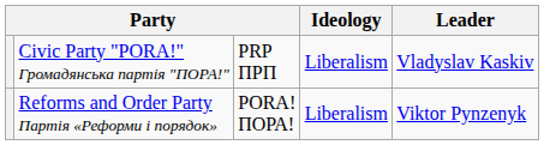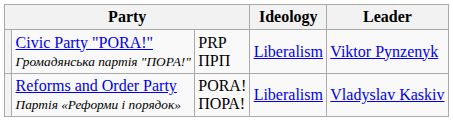 <table class="wikitable">
 <tr>
 <th colspan="3">Party</th>
 <th>Ideology</th>
 <th>Leader</th>
 </tr>
 <tr>
 <th style="background-color:"></th>
 <td><a href='#'>Civic Party "PORA!"</a><br><em><small>Громадянська партія "ПОРА!"</small></em></td>
 <td>PRP<br>ПРП</td>
 <td><a href='#'>Liberalism</a></td>
-<td><a href='#'>Vladyslav Kaskiv</a></td>
+<td><a href='#'>Viktor Pynzenyk</a></td>
 </tr>
 <tr>
 <th style="background-color:"></th>
 <td><a href='#'>Reforms and Order Party</a><br><em><small>Партія «Реформи і порядок»</small></em></td>
 <td>PORA!<br>ПОРА!</td>
 <td><a href='#'>Liberalism</a></td>
-<td><a href='#'>Viktor Pynzenyk</a></td>
+<td><a href='#'>Vladyslav Kaskiv</a></td>
 </tr>
 </table>
